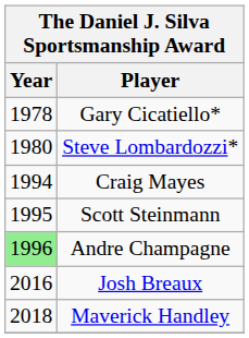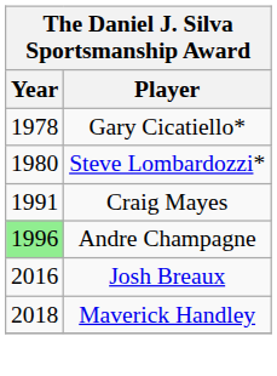 <table class="wikitable" style="display: inline-table; margin-right: 20px; text-align:center">
 <tr>
 <th scope="col" colspan="2" style="width: 145px;">The Daniel J. Silva Sportsmanship Award</th>
 </tr>
 <tr>
 <th scope="col">Year</th>
 <th scope="col">Player</th>
 </tr>
 <tr>
 <td>1978</td>
 <td>Gary Cicatiello*</td>
 </tr>
 <tr>
 <td>1980</td>
 <td><a href='#'>Steve Lombardozzi</a>*</td>
 </tr>
 <tr>
-<td>1994</td>
+<td>1991</td>
 <td>Craig Mayes</td>
-</tr>
-<tr>
-<td>1995</td>
-<td>Scott Steinmann</td>
 </tr>
 <tr>
 <td style="background: lightgreen;">1996</td>
 <td>Andre Champagne</td>
 </tr>
 <tr>
 <td>2016</td>
 <td><a href='#'>Josh Breaux</a></td>
 </tr>
 <tr>
 <td>2018</td>
 <td><a href='#'>Maverick Handley</a></td>
 </tr>
 <tr>
 </tr>
 </table>
